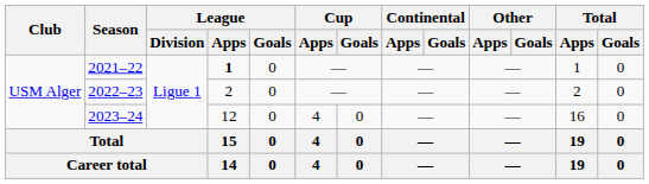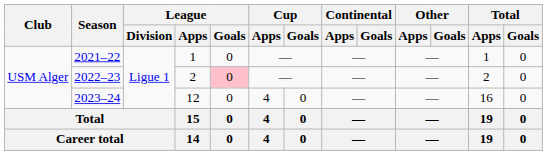 <table class="wikitable" style="text-align: center;">
 <tr>
 <th rowspan="2">Club</th>
 <th rowspan="2">Season</th>
 <th colspan="3">League</th>
 <th colspan="2">Cup</th>
 <th colspan="2">Continental</th>
 <th colspan="2">Other</th>
 <th colspan="2">Total</th>
 </tr>
 <tr>
 <th>Division</th>
 <th>Apps</th>
 <th>Goals</th>
 <th>Apps</th>
 <th>Goals</th>
 <th>Apps</th>
 <th>Goals</th>
 <th>Apps</th>
 <th>Goals</th>
 <th>Apps</th>
 <th>Goals</th>
 </tr>
 <tr>
 <td rowspan=3 valign="center"><a href='#'>USM Alger</a></td>
 <td><a href='#'>2021–22</a></td>
 <td rowspan=3><a href='#'>Ligue 1</a></td>
-<td><strong>1</strong></td>
+<td>1</td>
 <td>0</td>
 <td colspan=2>—</td>
 <td colspan=2>—</td>
 <td colspan=2>—</td>
 <td>1</td>
 <td>0</td>
 </tr>
 <tr>
 <td><a href='#'>2022–23</a></td>
 <td>2</td>
-<td>0</td>
+<td style="background: pink;">0</td>
 <td colspan=2>—</td>
 <td colspan=2>—</td>
 <td colspan=2>—</td>
 <td>2</td>
 <td>0</td>
 </tr>
 <tr>
 <td><a href='#'>2023–24</a></td>
 <td>12</td>
 <td>0</td>
 <td>4</td>
 <td>0</td>
 <td colspan=2>—</td>
 <td colspan=2>—</td>
 <td>16</td>
 <td>0</td>
 </tr>
 <tr>
 <th colspan="3">Total</th>
 <th>15</th>
 <th>0</th>
 <th>4</th>
 <th>0</th>
 <th colspan=2>—</th>
 <th colspan=2>—</th>
 <th>19</th>
 <th>0</th>
 </tr>
 <tr>
 <th colspan="3">Career total</th>
 <th>14</th>
 <th>0</th>
 <th>4</th>
 <th>0</th>
 <th colspan=2>—</th>
 <th colspan=2>—</th>
 <th>19</th>
 <th>0</th>
 </tr>
 </table>
